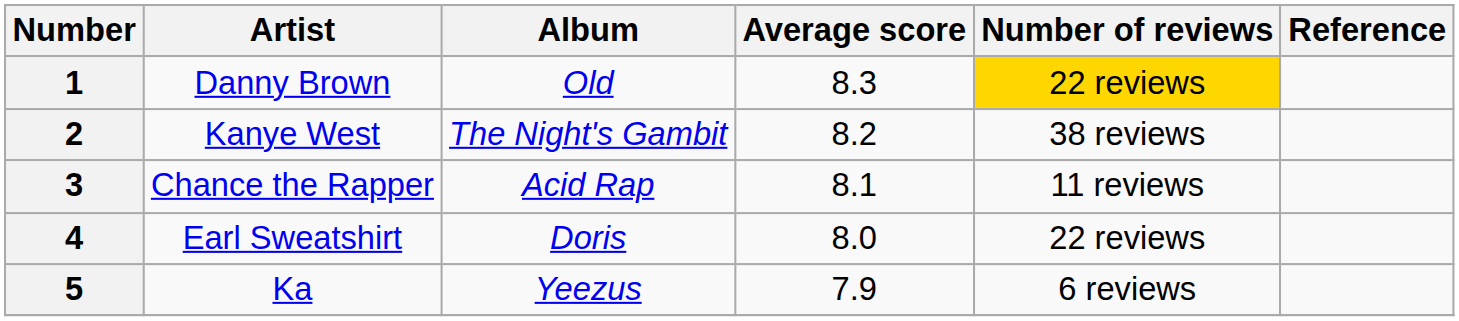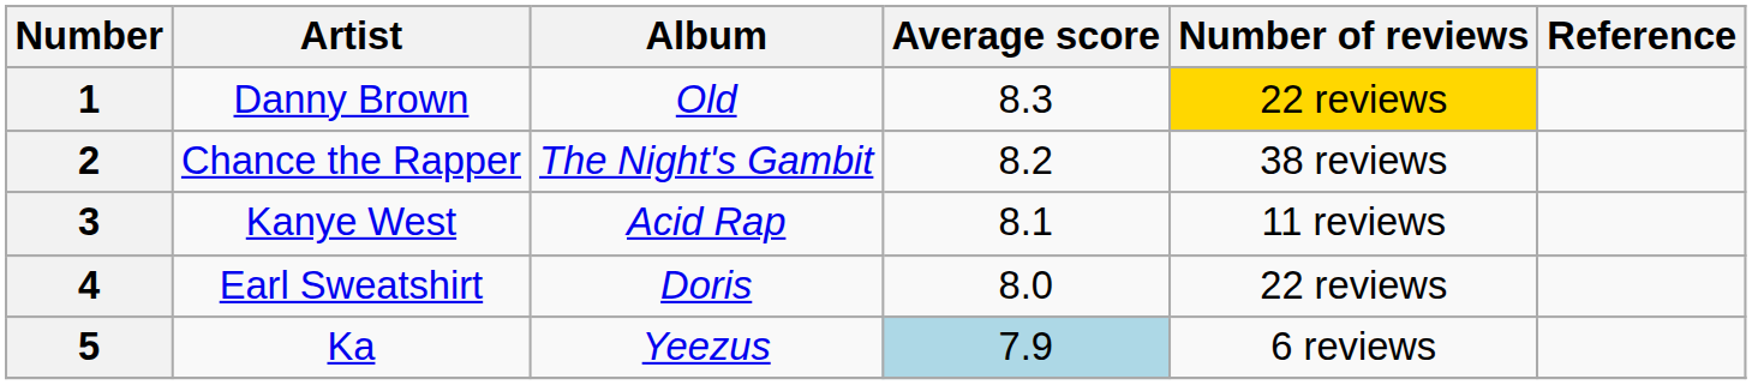 <table class="wikitable" style="text-align:center;">
 <tr>
 <th scope="col">Number</th>
 <th scope="col">Artist</th>
 <th scope="col">Album</th>
 <th scope="col">Average score</th>
 <th scope="col">Number of reviews</th>
 <th scope="col">Reference</th>
 </tr>
 <tr>
 <th>1</th>
 <td><a href='#'>Danny Brown</a></td>
 <td><em><a href='#'>Old</a></em></td>
 <td>8.3</td>
 <td style="background: gold;">22 reviews</td>
 <td></td>
 </tr>
 <tr>
 <th>2</th>
-<td><a href='#'>Kanye West</a></td>
+<td><a href='#'>Chance the Rapper</a></td>
 <td><em><a href='#'>The Night's Gambit</a></em></td>
 <td>8.2</td>
 <td>38 reviews</td>
 <td></td>
 </tr>
 <tr>
 <th>3</th>
-<td><a href='#'>Chance the Rapper</a></td>
+<td><a href='#'>Kanye West</a></td>
 <td><em><a href='#'>Acid Rap</a></em></td>
 <td>8.1</td>
 <td>11 reviews</td>
 <td></td>
 </tr>
 <tr>
 <th>4</th>
 <td><a href='#'>Earl Sweatshirt</a></td>
 <td><em><a href='#'>Doris</a></em></td>
 <td>8.0</td>
 <td>22 reviews</td>
 <td></td>
 </tr>
 <tr>
 <th>5</th>
 <td><a href='#'>Ka</a></td>
 <td><em><a href='#'>Yeezus</a></em></td>
-<td>7.9</td>
+<td style="background: lightblue;">7.9</td>
 <td>6 reviews</td>
 <td></td>
 </tr>
 <tr>
 </tr>
 </table>
